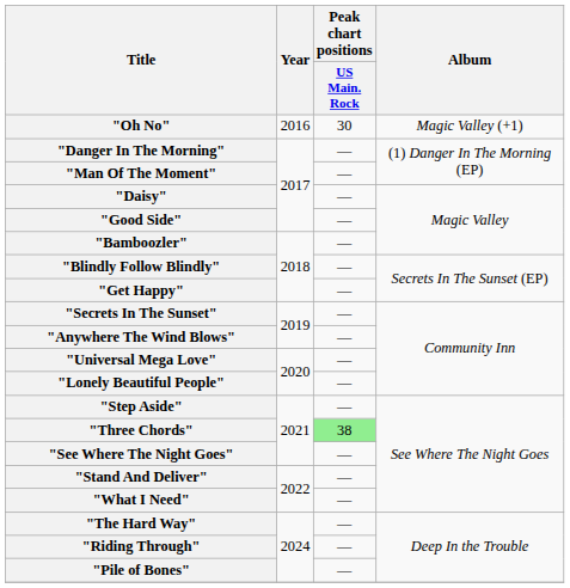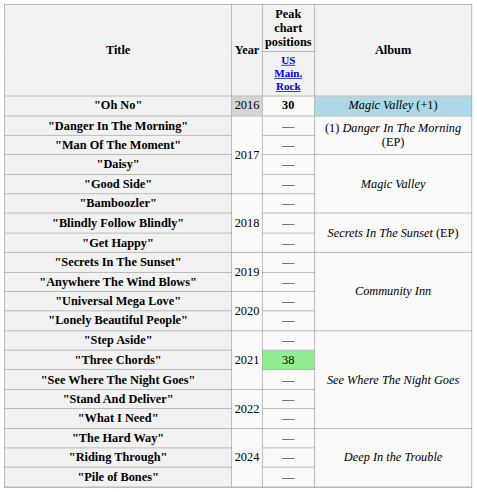 <table class="wikitable plainrowheaders" style="text-align:center;">
 <tr>
 <th scope="col" rowspan="2" style="width:18em;">Title</th>
 <th scope="col" rowspan="2">Year</th>
 <th scope="col" colspan="1">Peak chart positions</th>
 <th scope="col" rowspan="2">Album</th>
 </tr>
 <tr>
 <th scope="col" style="width:3em;font-size:90%;"><a href='#'>US<br>Main.<br>Rock</a><br></th>
 </tr>
 <tr>
 <th scope="row">"Oh No"</th>
-<td>2016</td>
-<td>30</td>
-<td><em>Magic Valley</em> (+1)</td>
+<td style="background: lightgrey;">2016</td>
+<td><strong>30</strong></td>
+<td style="background: lightblue;"><em>Magic Valley</em> (+1)</td>
 </tr>
 <tr>
 <th scope="row">"Danger In The Morning"</th>
 <td rowspan="4">2017</td>
 <td>—</td>
 <td rowspan=2>(1) <em>Danger In The Morning</em> (EP)</td>
 </tr>
 <tr>
 <th scope="row">"Man Of The Moment"</th>
 <td>—</td>
 </tr>
 <tr>
 <th scope="row">"Daisy"</th>
 <td>—</td>
 <td rowspan="3"><em>Magic Valley</em></td>
 </tr>
 <tr>
 <th scope="row">"Good Side"</th>
 <td>—</td>
 </tr>
 <tr>
 <th scope="row">"Bamboozler"</th>
 <td rowspan=3>2018</td>
 <td>—</td>
 </tr>
 <tr>
 <th scope="row">"Blindly Follow Blindly"</th>
 <td>—</td>
 <td rowspan=2><em>Secrets In The Sunset</em> (EP)</td>
 </tr>
 <tr>
 <th scope="row">"Get Happy"</th>
 <td>—</td>
 </tr>
 <tr>
 <th scope="row">"Secrets In The Sunset"</th>
 <td rowspan="2">2019</td>
 <td>—</td>
 <td rowspan="4"><em>Community Inn</em></td>
 </tr>
 <tr>
 <th scope="row">"Anywhere The Wind Blows"</th>
 <td>—</td>
 </tr>
 <tr>
 <th scope="row">"Universal Mega Love"</th>
 <td rowspan="2">2020</td>
 <td>—</td>
 </tr>
 <tr>
 <th scope="row">"Lonely Beautiful People"</th>
 <td>—</td>
 </tr>
 <tr>
 <th scope="row">"Step Aside"</th>
 <td rowspan="3">2021</td>
 <td>—</td>
 <td rowspan="5"><em>See Where The Night Goes</em></td>
 </tr>
 <tr>
 <th scope="row">"Three Chords"</th>
 <td style="background: lightgreen;">38</td>
 </tr>
 <tr>
 <th scope="row">"See Where The Night Goes"</th>
 <td>—</td>
 </tr>
 <tr>
 <th scope="row">"Stand And Deliver"</th>
 <td rowspan="2">2022</td>
 <td>—</td>
 </tr>
 <tr>
 <th scope="row">"What I Need"</th>
 <td>—</td>
 </tr>
 <tr>
 <th scope="row">"The Hard Way"</th>
 <td rowspan="3">2024</td>
 <td>—</td>
 <td rowspan="3"><em>Deep In the Trouble</em></td>
 </tr>
 <tr>
 <th scope="row">"Riding Through"</th>
 <td>—</td>
 </tr>
 <tr>
 <th scope="row">"Pile of Bones"</th>
 <td>—</td>
 </tr>
 <tr>
 </tr>
 </table>
